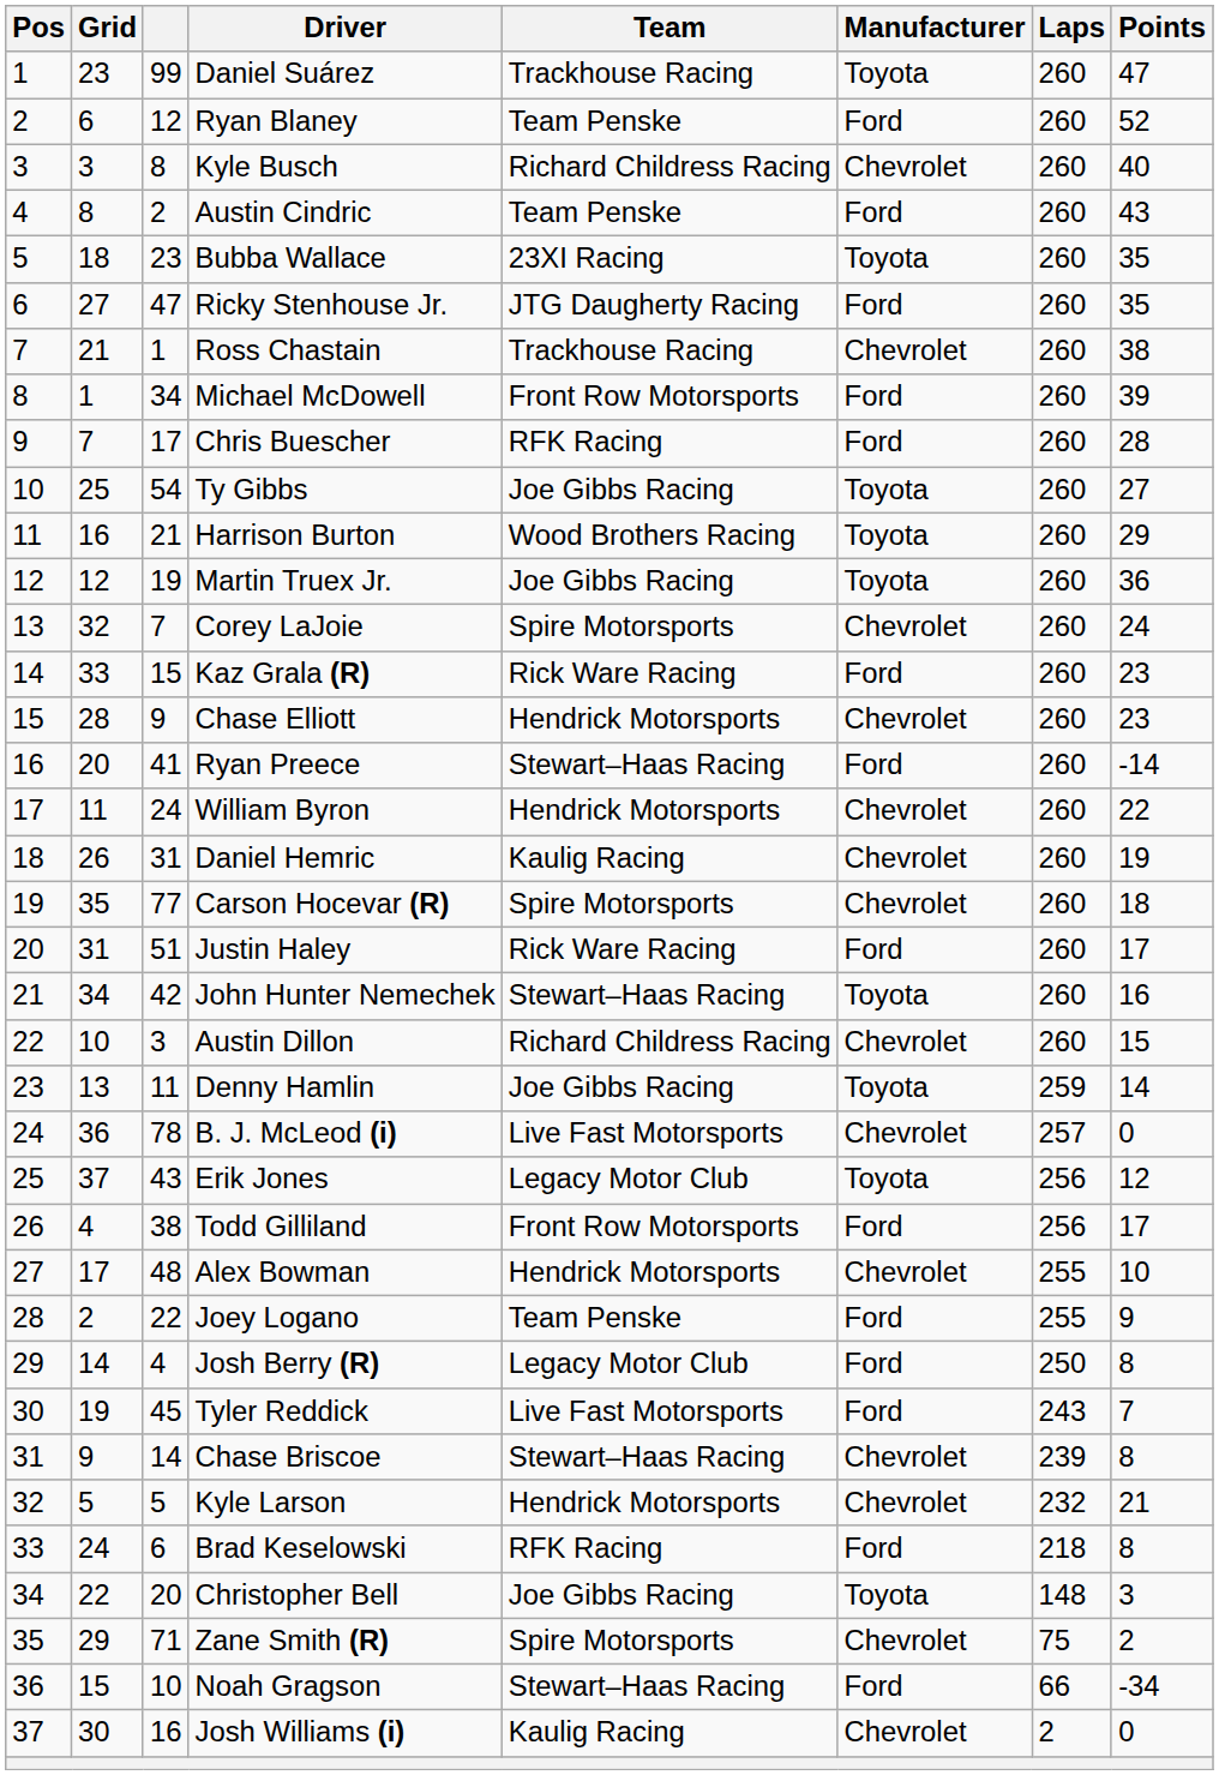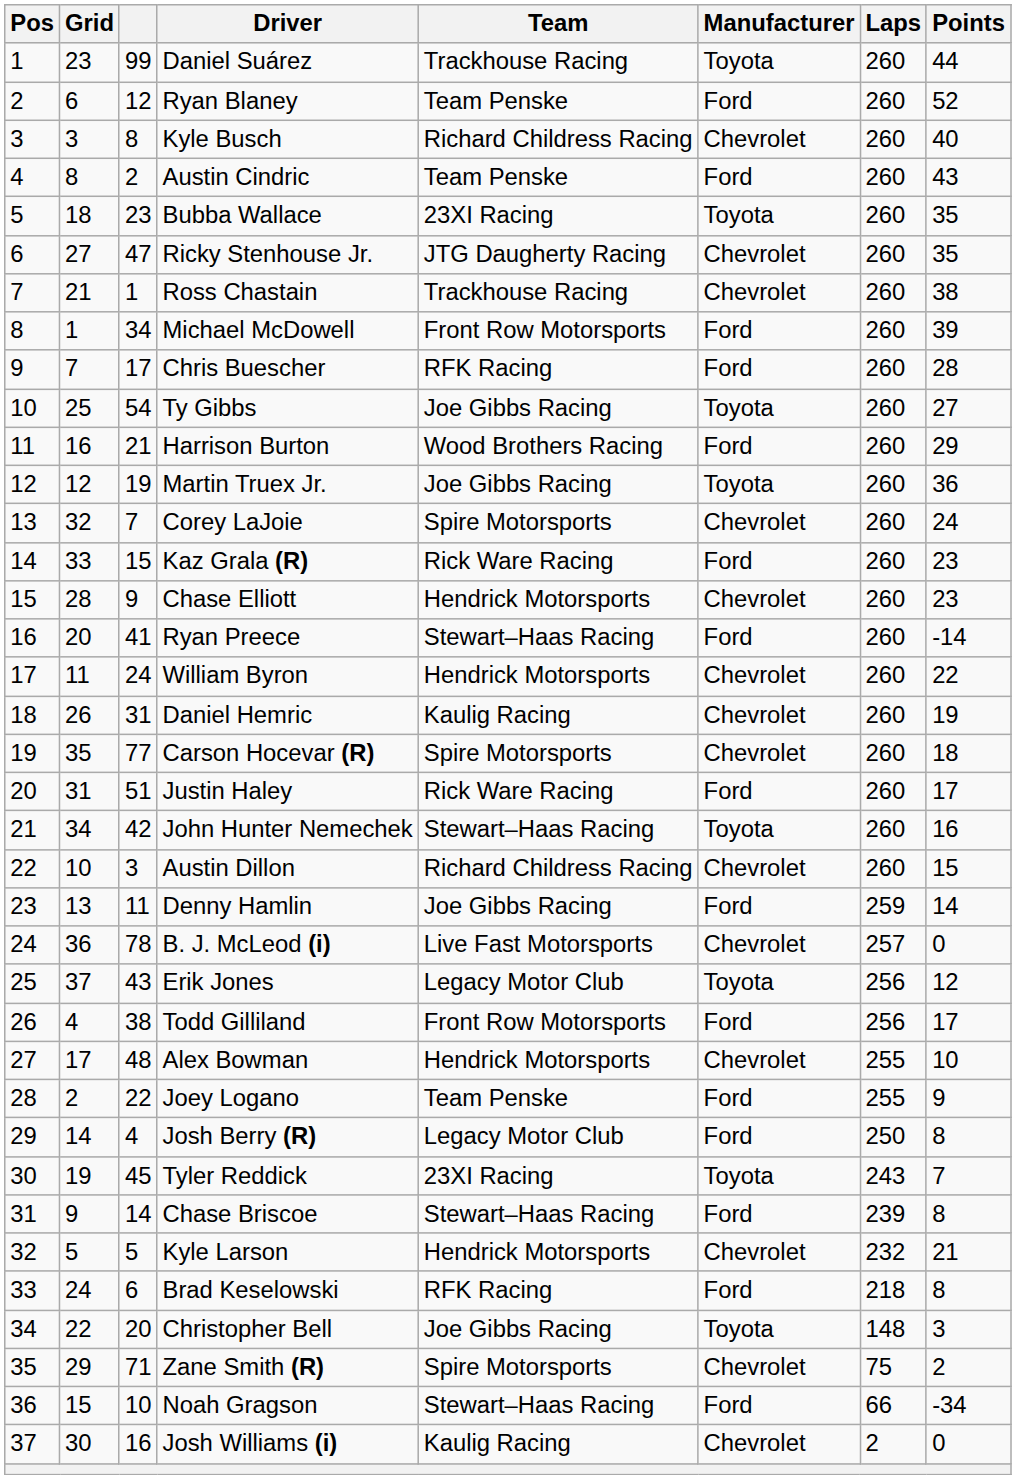 <table class="wikitable" style="font-size:98%">
 <tr>
 <th>Pos</th>
 <th>Grid</th>
 <th></th>
 <th>Driver</th>
 <th>Team</th>
 <th>Manufacturer</th>
 <th>Laps</th>
 <th>Points</th>
 </tr>
 <tr>
 <td>1</td>
 <td>23</td>
 <td>99</td>
 <td>Daniel Suárez</td>
 <td>Trackhouse Racing</td>
 <td>Toyota</td>
 <td>260</td>
-<td>47</td>
+<td>44</td>
 </tr>
 <tr>
 <td>2</td>
 <td>6</td>
 <td>12</td>
 <td>Ryan Blaney</td>
 <td>Team Penske</td>
 <td>Ford</td>
 <td>260</td>
 <td>52</td>
 </tr>
 <tr>
 <td>3</td>
 <td>3</td>
 <td>8</td>
 <td>Kyle Busch</td>
 <td>Richard Childress Racing</td>
 <td>Chevrolet</td>
 <td>260</td>
 <td>40</td>
 </tr>
 <tr>
 <td>4</td>
 <td>8</td>
 <td>2</td>
 <td>Austin Cindric</td>
 <td>Team Penske</td>
 <td>Ford</td>
 <td>260</td>
 <td>43</td>
 </tr>
 <tr>
 <td>5</td>
 <td>18</td>
 <td>23</td>
 <td>Bubba Wallace</td>
 <td>23XI Racing</td>
 <td>Toyota</td>
 <td>260</td>
 <td>35</td>
 </tr>
 <tr>
 <td>6</td>
 <td>27</td>
 <td>47</td>
 <td>Ricky Stenhouse Jr.</td>
 <td>JTG Daugherty Racing</td>
-<td>Ford</td>
+<td>Chevrolet</td>
 <td>260</td>
 <td>35</td>
 </tr>
 <tr>
 <td>7</td>
 <td>21</td>
 <td>1</td>
 <td>Ross Chastain</td>
 <td>Trackhouse Racing</td>
 <td>Chevrolet</td>
 <td>260</td>
 <td>38</td>
 </tr>
 <tr>
 <td>8</td>
 <td>1</td>
 <td>34</td>
 <td>Michael McDowell</td>
 <td>Front Row Motorsports</td>
 <td>Ford</td>
 <td>260</td>
 <td>39</td>
 </tr>
 <tr>
 <td>9</td>
 <td>7</td>
 <td>17</td>
 <td>Chris Buescher</td>
 <td>RFK Racing</td>
 <td>Ford</td>
 <td>260</td>
 <td>28</td>
 </tr>
 <tr>
 <td>10</td>
 <td>25</td>
 <td>54</td>
 <td>Ty Gibbs</td>
 <td>Joe Gibbs Racing</td>
 <td>Toyota</td>
 <td>260</td>
 <td>27</td>
 </tr>
 <tr>
 <td>11</td>
 <td>16</td>
 <td>21</td>
 <td>Harrison Burton</td>
 <td>Wood Brothers Racing</td>
-<td>Toyota</td>
+<td>Ford</td>
 <td>260</td>
 <td>29</td>
 </tr>
 <tr>
 <td>12</td>
 <td>12</td>
 <td>19</td>
 <td>Martin Truex Jr.</td>
 <td>Joe Gibbs Racing</td>
 <td>Toyota</td>
 <td>260</td>
 <td>36</td>
 </tr>
 <tr>
 <td>13</td>
 <td>32</td>
 <td>7</td>
 <td>Corey LaJoie</td>
 <td>Spire Motorsports</td>
 <td>Chevrolet</td>
 <td>260</td>
 <td>24</td>
 </tr>
 <tr>
 <td>14</td>
 <td>33</td>
 <td>15</td>
 <td>Kaz Grala <strong>(R)</strong></td>
 <td>Rick Ware Racing</td>
 <td>Ford</td>
 <td>260</td>
 <td>23</td>
 </tr>
 <tr>
 <td>15</td>
 <td>28</td>
 <td>9</td>
 <td>Chase Elliott</td>
 <td>Hendrick Motorsports</td>
 <td>Chevrolet</td>
 <td>260</td>
 <td>23</td>
 </tr>
 <tr>
 <td>16</td>
 <td>20</td>
 <td>41</td>
 <td>Ryan Preece</td>
 <td>Stewart–Haas Racing</td>
 <td>Ford</td>
 <td>260</td>
 <td>-14</td>
 </tr>
 <tr>
 <td>17</td>
 <td>11</td>
 <td>24</td>
 <td>William Byron</td>
 <td>Hendrick Motorsports</td>
 <td>Chevrolet</td>
 <td>260</td>
 <td>22</td>
 </tr>
 <tr>
 <td>18</td>
 <td>26</td>
 <td>31</td>
 <td>Daniel Hemric</td>
 <td>Kaulig Racing</td>
 <td>Chevrolet</td>
 <td>260</td>
 <td>19</td>
 </tr>
 <tr>
 <td>19</td>
 <td>35</td>
 <td>77</td>
 <td>Carson Hocevar <strong>(R)</strong></td>
 <td>Spire Motorsports</td>
 <td>Chevrolet</td>
 <td>260</td>
 <td>18</td>
 </tr>
 <tr>
 <td>20</td>
 <td>31</td>
 <td>51</td>
 <td>Justin Haley</td>
 <td>Rick Ware Racing</td>
 <td>Ford</td>
 <td>260</td>
 <td>17</td>
 </tr>
 <tr>
 <td>21</td>
 <td>34</td>
 <td>42</td>
 <td>John Hunter Nemechek</td>
 <td>Stewart–Haas Racing</td>
 <td>Toyota</td>
 <td>260</td>
 <td>16</td>
 </tr>
 <tr>
 <td>22</td>
 <td>10</td>
 <td>3</td>
 <td>Austin Dillon</td>
 <td>Richard Childress Racing</td>
 <td>Chevrolet</td>
 <td>260</td>
 <td>15</td>
 </tr>
 <tr>
 <td>23</td>
 <td>13</td>
 <td>11</td>
 <td>Denny Hamlin</td>
 <td>Joe Gibbs Racing</td>
-<td>Toyota</td>
+<td>Ford</td>
 <td>259</td>
 <td>14</td>
 </tr>
 <tr>
 <td>24</td>
 <td>36</td>
 <td>78</td>
 <td>B. J. McLeod <strong>(i)</strong></td>
 <td>Live Fast Motorsports</td>
 <td>Chevrolet</td>
 <td>257</td>
 <td>0</td>
 </tr>
 <tr>
 <td>25</td>
 <td>37</td>
 <td>43</td>
 <td>Erik Jones</td>
 <td>Legacy Motor Club</td>
 <td>Toyota</td>
 <td>256</td>
 <td>12</td>
 </tr>
 <tr>
 <td>26</td>
 <td>4</td>
 <td>38</td>
 <td>Todd Gilliland</td>
 <td>Front Row Motorsports</td>
 <td>Ford</td>
 <td>256</td>
 <td>17</td>
 </tr>
 <tr>
 <td>27</td>
 <td>17</td>
 <td>48</td>
 <td>Alex Bowman</td>
 <td>Hendrick Motorsports</td>
 <td>Chevrolet</td>
 <td>255</td>
 <td>10</td>
 </tr>
 <tr>
 <td>28</td>
 <td>2</td>
 <td>22</td>
 <td>Joey Logano</td>
 <td>Team Penske</td>
 <td>Ford</td>
 <td>255</td>
 <td>9</td>
 </tr>
 <tr>
 <td>29</td>
 <td>14</td>
 <td>4</td>
 <td>Josh Berry <strong>(R)</strong></td>
 <td>Legacy Motor Club</td>
 <td>Ford</td>
 <td>250</td>
 <td>8</td>
 </tr>
 <tr>
 <td>30</td>
 <td>19</td>
 <td>45</td>
 <td>Tyler Reddick</td>
-<td>Live Fast Motorsports</td>
-<td>Ford</td>
+<td>23XI Racing</td>
+<td>Toyota</td>
 <td>243</td>
 <td>7</td>
 </tr>
 <tr>
 <td>31</td>
 <td>9</td>
 <td>14</td>
 <td>Chase Briscoe</td>
 <td>Stewart–Haas Racing</td>
-<td>Chevrolet</td>
+<td>Ford</td>
 <td>239</td>
 <td>8</td>
 </tr>
 <tr>
 <td>32</td>
 <td>5</td>
 <td>5</td>
 <td>Kyle Larson</td>
 <td>Hendrick Motorsports</td>
 <td>Chevrolet</td>
 <td>232</td>
 <td>21</td>
 </tr>
 <tr>
 <td>33</td>
 <td>24</td>
 <td>6</td>
 <td>Brad Keselowski</td>
 <td>RFK Racing</td>
 <td>Ford</td>
 <td>218</td>
 <td>8</td>
 </tr>
 <tr>
 <td>34</td>
 <td>22</td>
 <td>20</td>
 <td>Christopher Bell</td>
 <td>Joe Gibbs Racing</td>
 <td>Toyota</td>
 <td>148</td>
 <td>3</td>
 </tr>
 <tr>
 <td>35</td>
 <td>29</td>
 <td>71</td>
 <td>Zane Smith <strong>(R)</strong></td>
 <td>Spire Motorsports</td>
 <td>Chevrolet</td>
 <td>75</td>
 <td>2</td>
 </tr>
 <tr>
 <td>36</td>
 <td>15</td>
 <td>10</td>
 <td>Noah Gragson</td>
 <td>Stewart–Haas Racing</td>
 <td>Ford</td>
 <td>66</td>
 <td>-34</td>
 </tr>
 <tr>
 <td>37</td>
 <td>30</td>
 <td>16</td>
 <td>Josh Williams <strong>(i)</strong></td>
 <td>Kaulig Racing</td>
 <td>Chevrolet</td>
 <td>2</td>
 <td>0</td>
 </tr>
 <tr>
 <th colspan="8"></th>
 </tr>
 </table>
